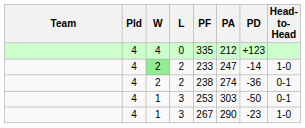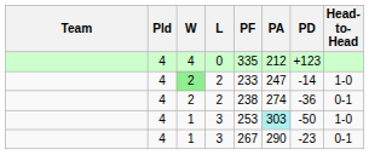 <table class="wikitable" style="text-align:center;">
 <tr>
 <th width=180>Team</th>
 <th width=30>Pld</th>
 <th width=30>W</th>
 <th width=30>L</th>
 <th width=30>PF</th>
 <th width=30>PA</th>
 <th width=30>PD</th>
 <th width=30>Head-to-Head</th>
 </tr>
 <tr bgcolor="#ccffcc">
 <td align=left></td>
 <td>4</td>
 <td>4</td>
 <td>0</td>
 <td>335</td>
 <td>212</td>
 <td>+123</td>
 <td></td>
 </tr>
 <tr>
 <td align=left></td>
 <td>4</td>
 <td style="background: lightgreen;">2</td>
 <td>2</td>
 <td>233</td>
 <td>247</td>
 <td>-14</td>
 <td>1-0</td>
 </tr>
 <tr>
 <td align=left></td>
 <td>4</td>
 <td>2</td>
 <td>2</td>
 <td>238</td>
 <td>274</td>
 <td>-36</td>
 <td>0-1</td>
 </tr>
 <tr>
 <td align=left></td>
 <td>4</td>
 <td>1</td>
 <td>3</td>
 <td>253</td>
-<td>303</td>
+<td style="background: paleturquoise;">303</td>
 <td>-50</td>
-<td>0-1</td>
+<td>1-0</td>
 </tr>
 <tr>
 <td align=left></td>
 <td>4</td>
 <td>1</td>
 <td>3</td>
 <td>267</td>
 <td>290</td>
 <td>-23</td>
-<td>1-0</td>
+<td>0-1</td>
 </tr>
 </table>
